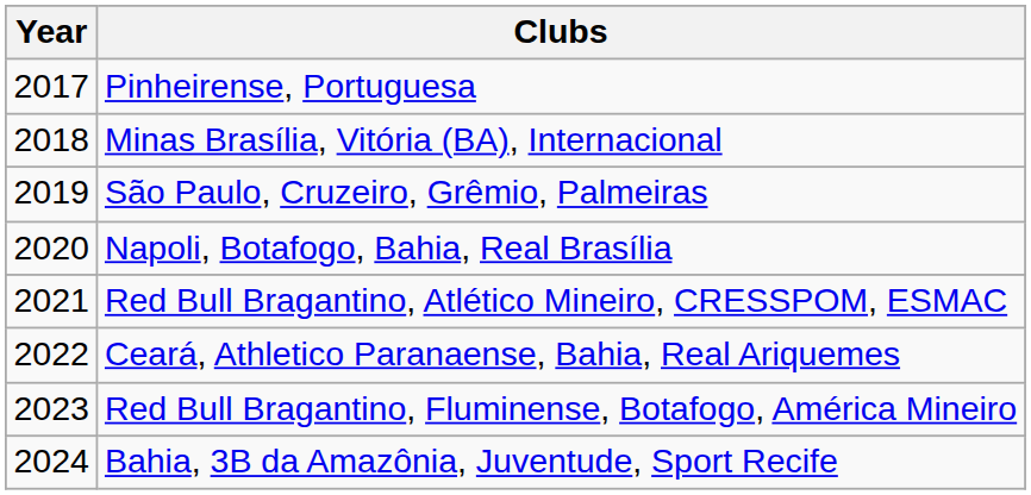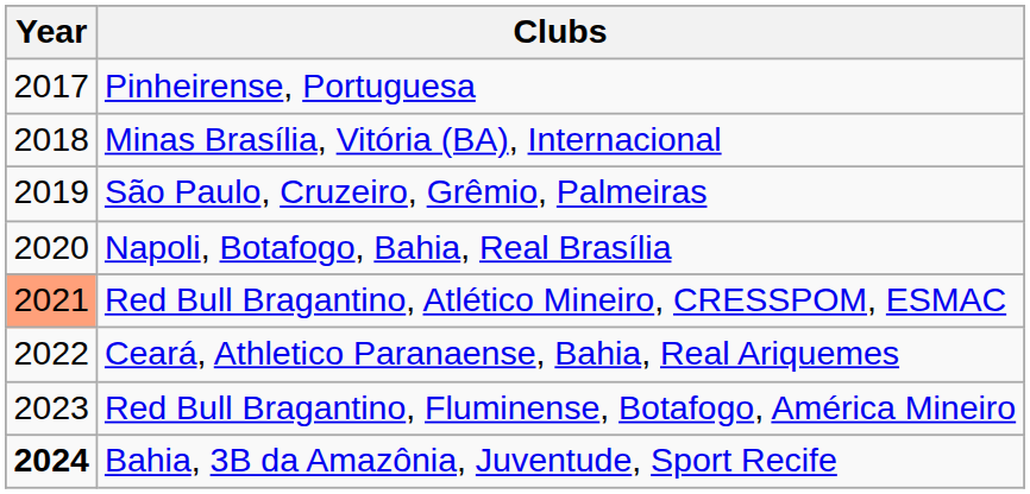 <table class="wikitable">
 <tr>
 <th>Year</th>
 <th>Clubs</th>
 </tr>
 <tr>
 <td>2017</td>
 <td><a href='#'>Pinheirense</a>, <a href='#'>Portuguesa</a></td>
 </tr>
 <tr>
 <td>2018</td>
 <td><a href='#'>Minas Brasília</a>, <a href='#'>Vitória (BA)</a>, <a href='#'>Internacional</a></td>
 </tr>
 <tr>
 <td>2019</td>
 <td><a href='#'>São Paulo</a>, <a href='#'>Cruzeiro</a>, <a href='#'>Grêmio</a>, <a href='#'>Palmeiras</a></td>
 </tr>
 <tr>
 <td>2020</td>
 <td><a href='#'>Napoli</a>, <a href='#'>Botafogo</a>, <a href='#'>Bahia</a>, <a href='#'>Real Brasília</a></td>
 </tr>
 <tr>
-<td>2021</td>
+<td style="background: lightsalmon;">2021</td>
 <td><a href='#'>Red Bull Bragantino</a>, <a href='#'>Atlético Mineiro</a>, <a href='#'>CRESSPOM</a>, <a href='#'>ESMAC</a></td>
 </tr>
 <tr>
 <td>2022</td>
 <td><a href='#'>Ceará</a>, <a href='#'>Athletico Paranaense</a>, <a href='#'>Bahia</a>, <a href='#'>Real Ariquemes</a></td>
 </tr>
 <tr>
 <td>2023</td>
 <td><a href='#'>Red Bull Bragantino</a>, <a href='#'>Fluminense</a>, <a href='#'>Botafogo</a>, <a href='#'>América Mineiro</a></td>
 </tr>
 <tr>
-<td>2024</td>
+<td><strong>2024</strong></td>
 <td><a href='#'>Bahia</a>, <a href='#'>3B da Amazônia</a>, <a href='#'>Juventude</a>, <a href='#'>Sport Recife</a></td>
 </tr>
 </table>
